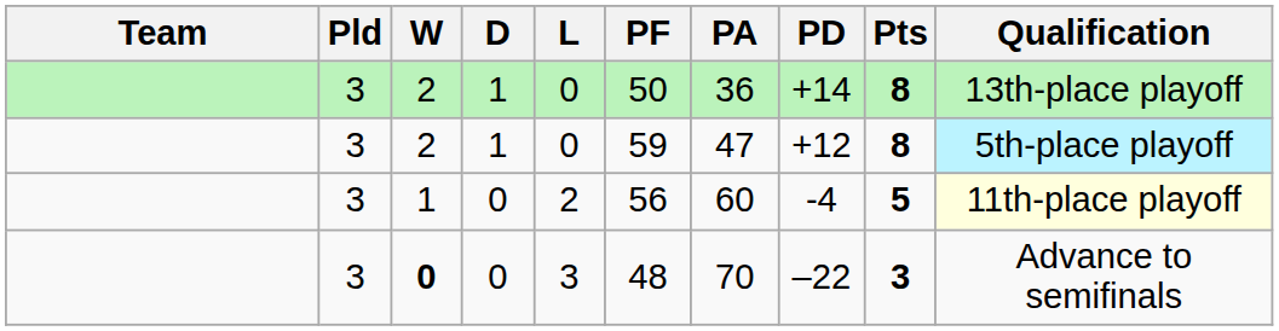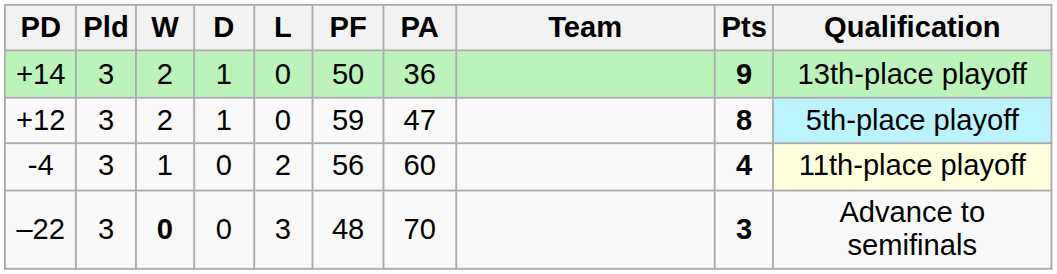 <table class="wikitable" style="text-align:center;">
 <tr>
-<th width=135>Team</th>
+<th width=32 abbr="Points difference">PD</th>
 <th width=25 abbr="Played">Pld</th>
 <th width=25 abbr="Won">W</th>
 <th width=25 abbr="Drawn">D</th>
 <th width=25 abbr="Lost">L</th>
 <th width=32 abbr="Points for">PF</th>
 <th width=32 abbr="Points against">PA</th>
-<th width=32 abbr="Points difference">PD</th>
+<th width=135>Team</th>
 <th width=25 abbr="Points">Pts</th>
 <th width=145>Qualification</th>
 </tr>
 <tr style="background:#BBF3BB;">
-<td align=left></td>
+<td>+14</td>
 <td>3</td>
 <td>2</td>
 <td>1</td>
 <td>0</td>
 <td>50</td>
 <td>36</td>
-<td>+14</td>
-<td><strong>8</strong></td>
+<td align=left></td>
+<td><strong>9</strong></td>
 <td>13th-place playoff</td>
 </tr>
 <tr>
-<td align=left></td>
+<td>+12</td>
 <td>3</td>
 <td>2</td>
 <td>1</td>
 <td>0</td>
 <td>59</td>
 <td>47</td>
-<td>+12</td>
+<td align=left></td>
 <td><strong>8</strong></td>
 <td style="background:#BBF3FF;">5th-place playoff</td>
 </tr>
 <tr>
-<td align=left></td>
+<td>-4</td>
 <td>3</td>
 <td>1</td>
 <td>0</td>
 <td>2</td>
 <td>56</td>
 <td>60</td>
-<td>-4</td>
-<td><strong>5</strong></td>
+<td align=left></td>
+<td><strong>4</strong></td>
 <td style="background:#FFFFDD;">11th-place playoff</td>
 </tr>
 <tr>
-<td align=left></td>
+<td>–22</td>
 <td>3</td>
 <td><strong>0</strong></td>
 <td>0</td>
 <td>3</td>
 <td>48</td>
 <td>70</td>
-<td>–22</td>
+<td align=left></td>
 <td><strong>3</strong></td>
 <td>Advance to semifinals</td>
 </tr>
 </table>
